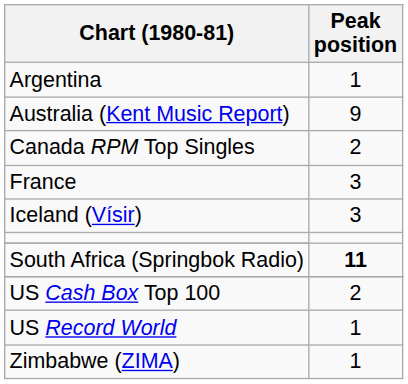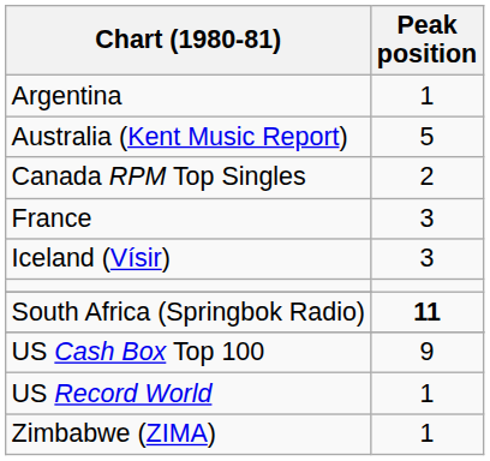 <table class="wikitable sortable">
 <tr>
 <th>Chart (1980-81)</th>
 <th>Peak<br>position</th>
 </tr>
 <tr>
 <td>Argentina</td>
 <td align="center">1</td>
 </tr>
 <tr>
 <td>Australia (<a href='#'>Kent Music Report</a>)</td>
-<td align="center">9</td>
+<td align="center">5</td>
 </tr>
 <tr>
 <td>Canada <em>RPM</em> Top Singles</td>
 <td align="center">2</td>
 </tr>
 <tr>
 <td>France</td>
 <td align="center">3</td>
 </tr>
 <tr>
 <td>Iceland (<a href='#'>Vísir</a>)</td>
 <td align="center">3</td>
 </tr>
 <tr>
 <td></td>
 </tr>
 <tr>
 </tr>
 <tr>
 </tr>
 <tr>
 <td>South Africa (Springbok Radio)</td>
 <td align="center"><strong>11</strong></td>
 </tr>
 <tr>
 </tr>
 <tr>
 </tr>
 <tr>
 </tr>
 <tr>
 <td>US <a href='#'><em>Cash Box</em></a> Top 100</td>
-<td align="center">2</td>
+<td align="center">9</td>
 </tr>
 <tr>
 <td>US <em><a href='#'>Record World</a></em></td>
 <td align="center">1</td>
 </tr>
 <tr>
 <td>Zimbabwe (<a href='#'>ZIMA</a>)</td>
 <td style="text-align:center;">1</td>
 </tr>
 </table>
